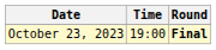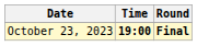 <table class="wikitable">
 <tr>
 <th>Date</th>
 <th>Time</th>
 <th>Round</th>
 </tr>
 <tr>
 </tr>
 <tr style=background:lemonchiffon>
 <td>October 23, 2023</td>
-<td>19:00</td>
+<td><strong>19:00</strong></td>
 <td><strong>Final</strong></td>
 </tr>
 </table>
